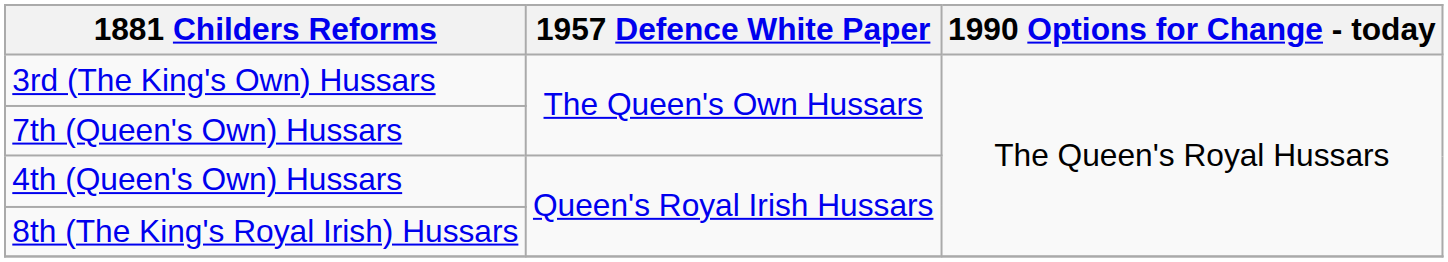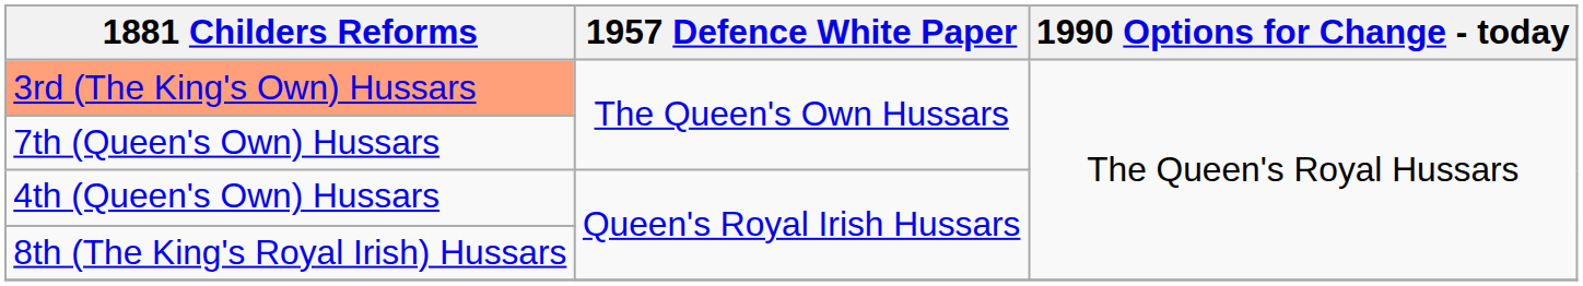 <table class="wikitable">
 <tr>
 <th>1881 <a href='#'>Childers Reforms</a></th>
 <th>1957 <a href='#'>Defence White Paper</a></th>
 <th>1990 <a href='#'>Options for Change</a> - today</th>
 </tr>
 <tr>
-<td><a href='#'>3rd (The King's Own) Hussars</a></td>
+<td style="background: lightsalmon;"><a href='#'>3rd (The King's Own) Hussars</a></td>
 <td rowspan="2" colspan="1" style="text-align: center;"><a href='#'>The Queen's Own Hussars</a></td>
 <td rowspan="4" colspan="1" style="text-align: center;">The Queen's Royal Hussars</td>
 </tr>
 <tr>
 <td><a href='#'>7th (Queen's Own) Hussars</a></td>
 </tr>
 <tr>
 <td><a href='#'>4th (Queen's Own) Hussars</a></td>
 <td rowspan="2" colspan="1" style="text-align: center;"><a href='#'>Queen's Royal Irish Hussars</a></td>
 </tr>
 <tr>
 <td><a href='#'>8th (The King's Royal Irish) Hussars</a></td>
 </tr>
 <tr>
 </tr>
 </table>
